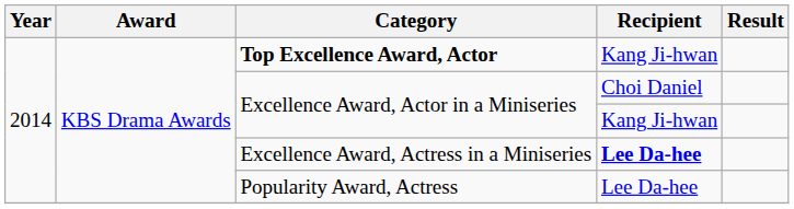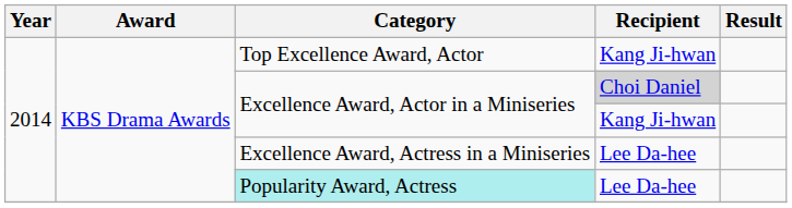 <table class="wikitable">
 <tr>
 <th>Year</th>
 <th>Award</th>
 <th>Category</th>
 <th>Recipient</th>
 <th>Result</th>
 </tr>
 <tr>
 <td rowspan=5>2014</td>
 <td rowspan=5><a href='#'>KBS Drama Awards</a></td>
-<td><strong>Top Excellence Award, Actor</strong></td>
+<td>Top Excellence Award, Actor</td>
 <td><a href='#'>Kang Ji-hwan</a></td>
 <td></td>
 </tr>
 <tr>
 <td rowspan=2>Excellence Award, Actor in a Miniseries</td>
-<td><a href='#'>Choi Daniel</a></td>
+<td style="background: lightgrey;"><a href='#'>Choi Daniel</a></td>
 <td></td>
 </tr>
 <tr>
 <td><a href='#'>Kang Ji-hwan</a></td>
 <td></td>
 </tr>
 <tr>
 <td>Excellence Award, Actress in a Miniseries</td>
-<td><strong><a href='#'>Lee Da-hee</a></strong></td>
+<td><a href='#'>Lee Da-hee</a></td>
 <td></td>
 </tr>
 <tr>
-<td>Popularity Award, Actress</td>
+<td style="background: paleturquoise;">Popularity Award, Actress</td>
 <td><a href='#'>Lee Da-hee</a></td>
 <td></td>
 </tr>
 <tr>
 </tr>
 </table>
